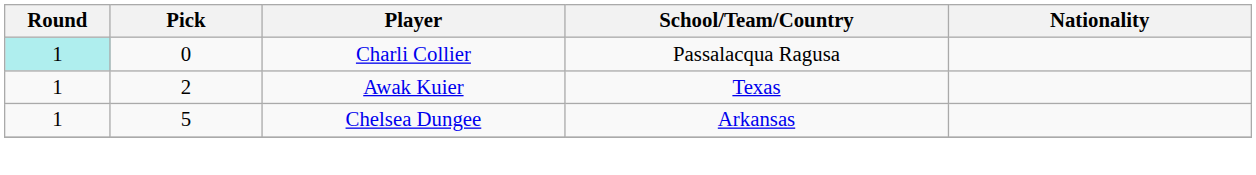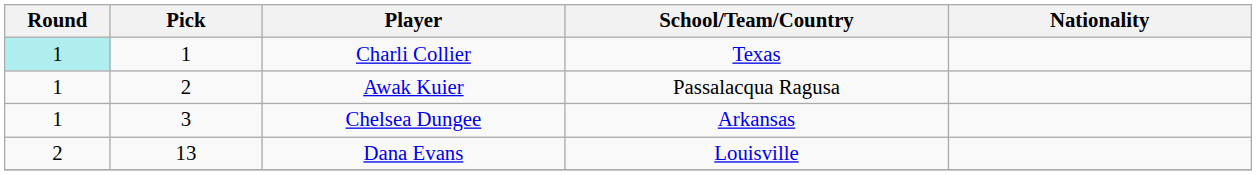 <table class="wikitable" style="text-align:center; width:60em">
 <tr>
 <th width="2%">Round</th>
 <th width="5%">Pick</th>
 <th width="10%">Player</th>
 <th width="10%">School/Team/Country</th>
 <th width="10%">Nationality</th>
 </tr>
 <tr>
 <td style="background: paleturquoise;">1</td>
-<td>0</td>
+<td>1</td>
 <td><a href='#'>Charli Collier</a></td>
-<td>Passalacqua Ragusa </td>
+<td><a href='#'>Texas</a></td>
 <td></td>
 </tr>
 <tr>
 <td>1</td>
 <td>2</td>
 <td><a href='#'>Awak Kuier</a></td>
-<td><a href='#'>Texas</a></td>
+<td>Passalacqua Ragusa </td>
 <td></td>
 </tr>
 <tr>
 <td>1</td>
-<td>5</td>
+<td>3</td>
 <td><a href='#'>Chelsea Dungee</a></td>
 <td><a href='#'>Arkansas</a></td>
 <td></td>
 </tr>
 <tr>
+<td>2</td>
+<td>13</td>
+<td><a href='#'>Dana Evans</a></td>
+<td><a href='#'>Louisville</a></td>
+<td></td>
+</tr>
+<tr>
 </tr>
 </table>
